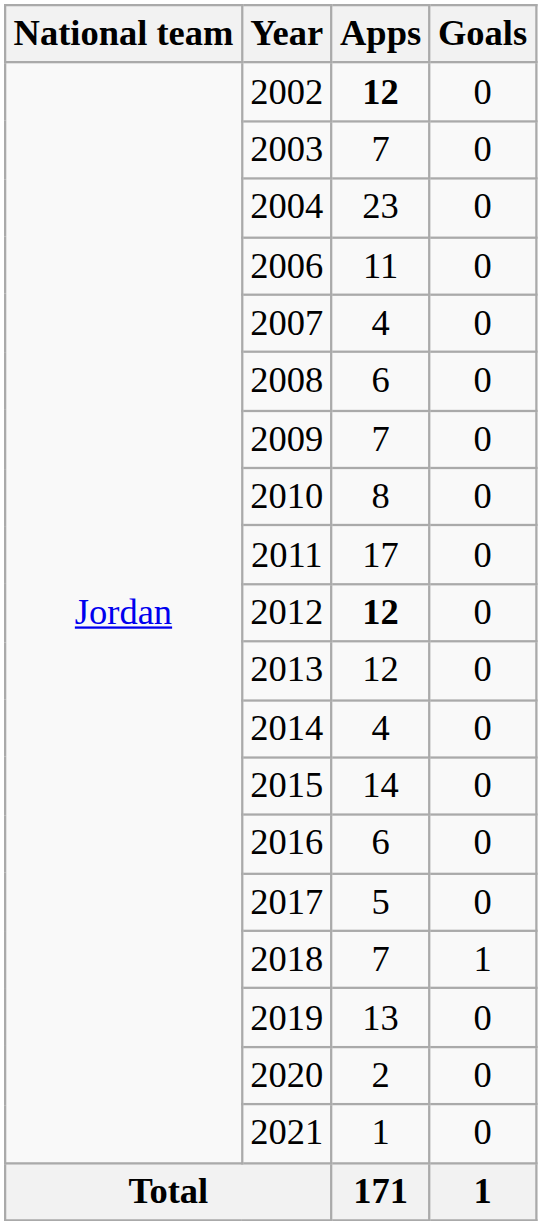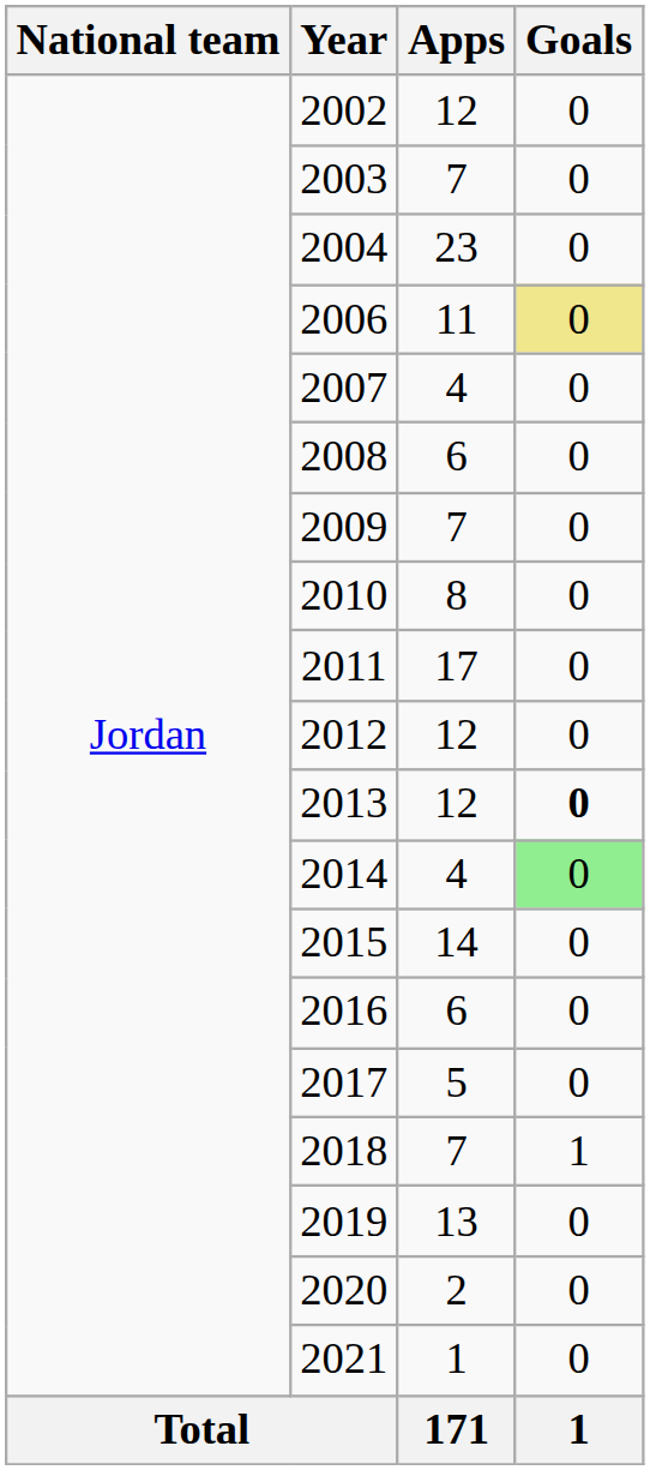 <table class="wikitable" style="text-align:center">
 <tr>
 <th>National team</th>
 <th>Year</th>
 <th>Apps</th>
 <th>Goals</th>
 </tr>
 <tr>
 <td rowspan="19"><a href='#'>Jordan</a></td>
 <td>2002</td>
-<td><strong>12</strong></td>
+<td>12</td>
 <td>0</td>
 </tr>
 <tr>
 <td>2003</td>
 <td>7</td>
 <td>0</td>
 </tr>
 <tr>
 <td>2004</td>
 <td>23</td>
 <td>0</td>
 </tr>
 <tr>
 <td>2006</td>
 <td>11</td>
-<td>0</td>
+<td style="background: khaki;">0</td>
 </tr>
 <tr>
 <td>2007</td>
 <td>4</td>
 <td>0</td>
 </tr>
 <tr>
 <td>2008</td>
 <td>6</td>
 <td>0</td>
 </tr>
 <tr>
 <td>2009</td>
 <td>7</td>
 <td>0</td>
 </tr>
 <tr>
 <td>2010</td>
 <td>8</td>
 <td>0</td>
 </tr>
 <tr>
 <td>2011</td>
 <td>17</td>
 <td>0</td>
 </tr>
 <tr>
 <td>2012</td>
-<td><strong>12</strong></td>
+<td>12</td>
 <td>0</td>
 </tr>
 <tr>
 <td>2013</td>
 <td>12</td>
-<td>0</td>
+<td><strong>0</strong></td>
 </tr>
 <tr>
 <td>2014</td>
 <td>4</td>
-<td>0</td>
+<td style="background: lightgreen;">0</td>
 </tr>
 <tr>
 <td>2015</td>
 <td>14</td>
 <td>0</td>
 </tr>
 <tr>
 <td>2016</td>
 <td>6</td>
 <td>0</td>
 </tr>
 <tr>
 <td>2017</td>
 <td>5</td>
 <td>0</td>
 </tr>
 <tr>
 <td>2018</td>
 <td>7</td>
 <td>1</td>
 </tr>
 <tr>
 <td>2019</td>
 <td>13</td>
 <td>0</td>
 </tr>
 <tr>
 <td>2020</td>
 <td>2</td>
 <td>0</td>
 </tr>
 <tr>
 <td>2021</td>
 <td>1</td>
 <td>0</td>
 </tr>
 <tr>
 <th colspan="2">Total</th>
 <th>171</th>
 <th>1</th>
 </tr>
 </table>
